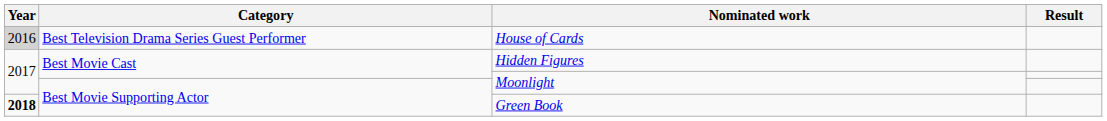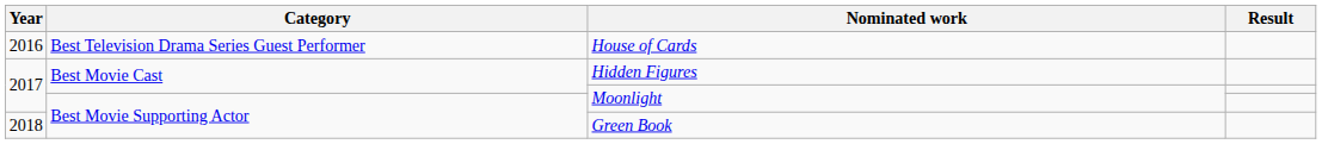 <table class=wikitable>
 <tr>
 <th scope="col" style="width:1em;">Year</th>
 <th scope="col" style="width:33em;">Category</th>
 <th scope="col" style="width:39em;">Nominated work</th>
 <th scope="col" style="width:5em;">Result</th>
 </tr>
 <tr>
-<td style="background: lightgrey;">2016</td>
+<td>2016</td>
 <td><a href='#'>Best Television Drama Series Guest Performer</a></td>
 <td><em><a href='#'>House of Cards</a></em></td>
 <td></td>
 </tr>
 <tr>
 <td rowspan="3">2017</td>
 <td rowspan=2><a href='#'>Best Movie Cast</a></td>
 <td><em><a href='#'>Hidden Figures</a></em></td>
 <td></td>
 </tr>
 <tr>
 <td rowspan="2"><em><a href='#'>Moonlight</a></em></td>
 <td></td>
 </tr>
 <tr>
 <td rowspan="2"><a href='#'>Best Movie Supporting Actor</a></td>
 <td></td>
 </tr>
 <tr>
-<td><strong>2018</strong></td>
+<td>2018</td>
 <td><em><a href='#'>Green Book</a></em></td>
 <td></td>
 </tr>
 </table>
